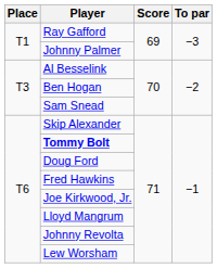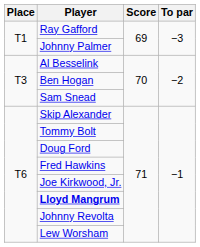 <table class="wikitable">
 <tr>
 <th>Place</th>
 <th>Player</th>
 <th>Score</th>
 <th>To par</th>
 </tr>
 <tr>
 <td rowspan="2" align="center">T1</td>
 <td> <a href='#'>Ray Gafford</a></td>
 <td rowspan="2" align="center">69</td>
 <td rowspan="2" align="center">−3</td>
 </tr>
 <tr>
 <td> <a href='#'>Johnny Palmer</a></td>
 </tr>
 <tr>
 <td rowspan="3" align="center">T3</td>
 <td> <a href='#'>Al Besselink</a></td>
 <td rowspan="3" align="center">70</td>
 <td rowspan="3" align="center">−2</td>
 </tr>
 <tr>
 <td> <a href='#'>Ben Hogan</a></td>
 </tr>
 <tr>
 <td> <a href='#'>Sam Snead</a></td>
 </tr>
 <tr>
 <td rowspan="8" align="center">T6</td>
 <td> <a href='#'>Skip Alexander</a></td>
 <td rowspan="8" align="center">71</td>
 <td rowspan="8" align="center">−1</td>
 </tr>
 <tr>
-<td><strong> <a href='#'>Tommy Bolt</a></strong></td>
+<td> <a href='#'>Tommy Bolt</a></td>
 </tr>
 <tr>
 <td> <a href='#'>Doug Ford</a></td>
 </tr>
 <tr>
 <td> <a href='#'>Fred Hawkins</a></td>
 </tr>
 <tr>
 <td> <a href='#'>Joe Kirkwood, Jr.</a></td>
 </tr>
 <tr>
-<td> <a href='#'>Lloyd Mangrum</a></td>
+<td><strong> <a href='#'>Lloyd Mangrum</a></strong></td>
 </tr>
 <tr>
 <td> <a href='#'>Johnny Revolta</a></td>
 </tr>
 <tr>
 <td> <a href='#'>Lew Worsham</a></td>
 </tr>
 </table>
